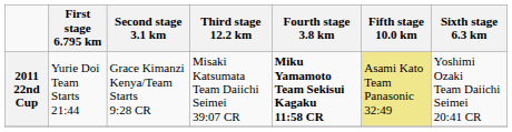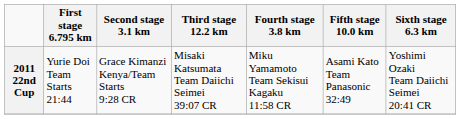 <table class="wikitable" style="text-align:left; width:105%; align:top;">
 <tr>
 <td></td>
 <th scope="col">First stage<br>6.795 km</th>
 <th scope="col">Second stage<br>3.1 km</th>
 <th scope="col">Third stage<br>12.2 km</th>
 <th scope="col">Fourth stage<br>3.8 km</th>
 <th scope="col">Fifth stage<br>10.0 km</th>
 <th scope="col">Sixth stage<br>6.3 km</th>
 </tr>
 <tr>
 <th scope="row">2011<br>    22nd Cup</th>
 <td>Yurie Doi<br>Team Starts<br>21:44</td>
 <td>Grace Kimanzi<br>Kenya/Team Starts<br>9:28 CR</td>
 <td>Misaki Katsumata <br>Team Daiichi Seimei<br>39:07 CR</td>
-<td><strong>Miku Yamamoto<br>Team Sekisui Kagaku<br>11:58 CR</strong></td>
-<td style="background: khaki;">Asami Kato<br>Team Panasonic<br>32:49</td>
+<td>Miku Yamamoto<br>Team Sekisui Kagaku<br>11:58 CR</td>
+<td>Asami Kato<br>Team Panasonic<br>32:49</td>
 <td>Yoshimi Ozaki<br>Team Daiichi Seimei<br>20:41 CR</td>
 </tr>
 <tr>
 </tr>
 </table>
